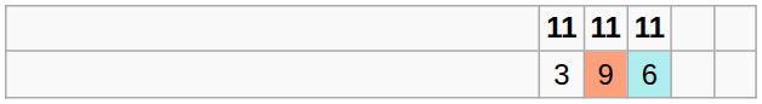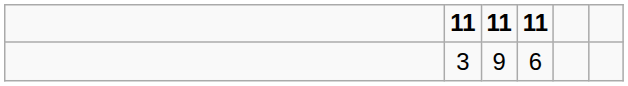 <table class="wikitable">
 <tr>
 <td style="width:18em"><strong></strong></td>
 <td align=center style="width:1em"><strong>11</strong></td>
 <td align=center style="width:1em"><strong>11</strong></td>
 <td align=center style="width:1em"><strong>11</strong></td>
 <td align=center style="width:1em"></td>
 <td align=center style="width:1em"></td>
 </tr>
 <tr>
 <td style="width:18em"></td>
 <td align=center style="width:1em">3</td>
-<td align=center style="background: lightsalmon; width:1em">9</td>
-<td align=center style="background: paleturquoise; width:1em">6</td>
+<td align=center style="width:1em">9</td>
+<td align=center style="width:1em">6</td>
 <td align=center style="width:1em"></td>
 <td align=center style="width:1em"></td>
 </tr>
 </table>
